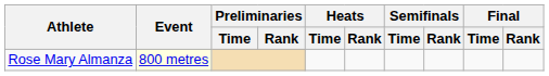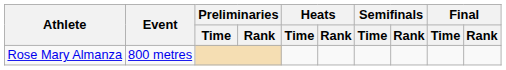 <table class=wikitable style="font-size:90%;">
 <tr>
 <th rowspan="2">Athlete</th>
 <th rowspan="2">Event</th>
 <th colspan="2">Preliminaries</th>
 <th colspan="2">Heats</th>
 <th colspan="2">Semifinals</th>
 <th colspan="2">Final</th>
 </tr>
 <tr>
 <th>Time</th>
 <th>Rank</th>
 <th>Time</th>
 <th>Rank</th>
 <th>Time</th>
 <th>Rank</th>
 <th>Time</th>
 <th>Rank</th>
 </tr>
 <tr style="border-top: single;">
 <td><a href='#'>Rose Mary Almanza</a></td>
-<td style="background: lightyellow;"><a href='#'>800 metres</a></td>
+<td><a href='#'>800 metres</a></td>
 <td colspan= 2 bgcolor="wheat"></td>
 <td align=center></td>
 <td align=center></td>
 <td align=center></td>
 <td align=center></td>
 <td align=center></td>
 <td align=center></td>
 </tr>
 </table>
